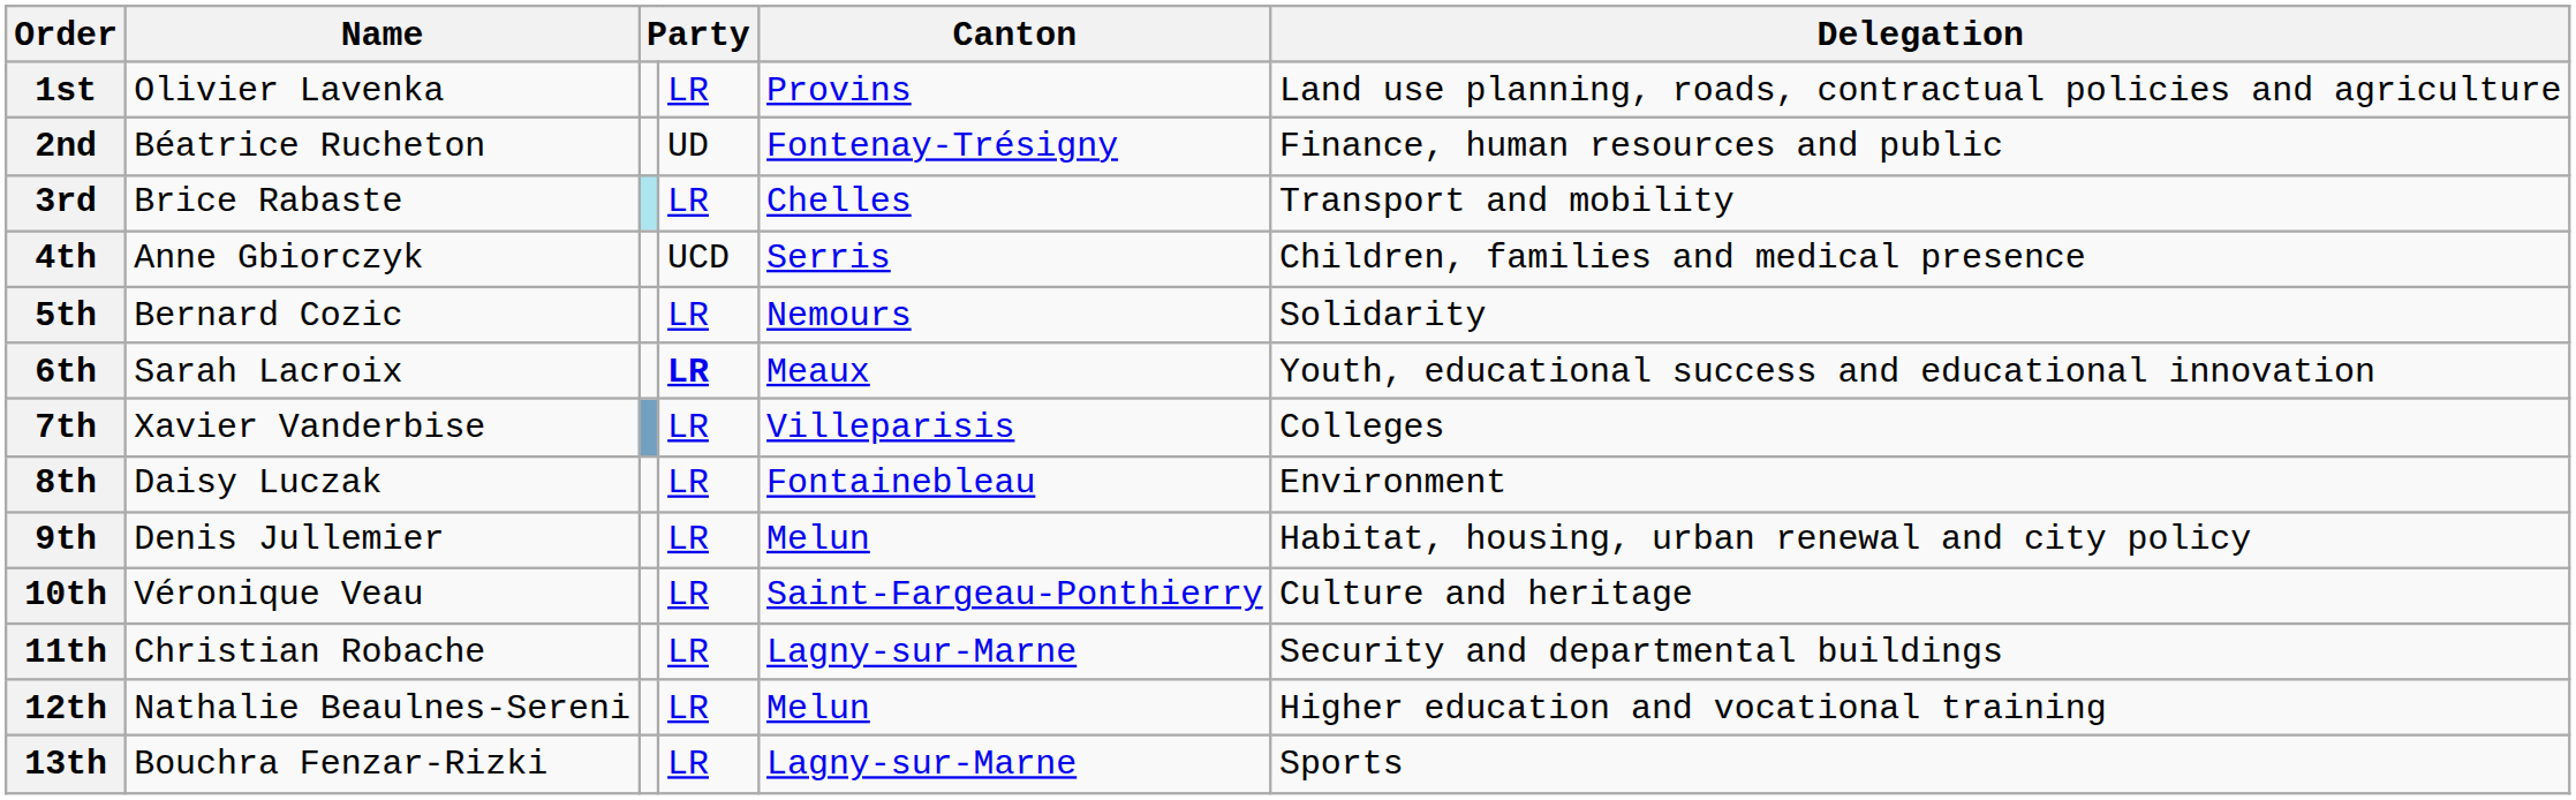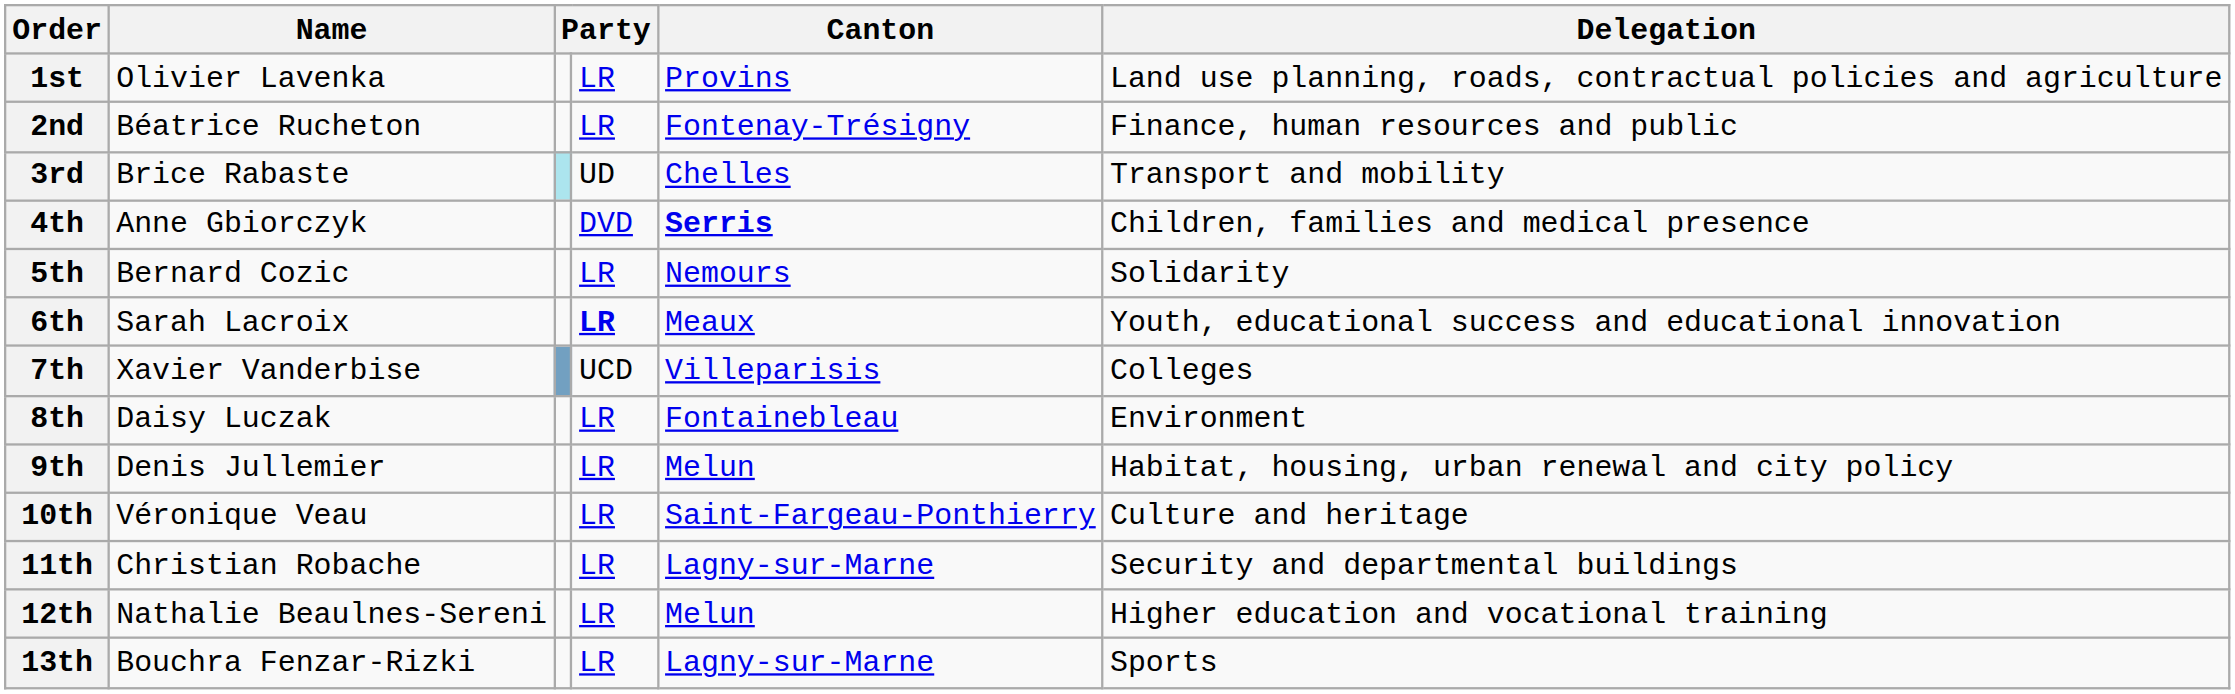 <table class="wikitable sortable">
 <tr>
 <th>Order</th>
 <th>Name</th>
 <th colspan="2">Party</th>
 <th>Canton</th>
 <th>Delegation</th>
 </tr>
 <tr>
 <th>1st</th>
 <td>Olivier Lavenka</td>
 <td style="color:inherit;background:"></td>
 <td><a href='#'>LR</a></td>
 <td><a href='#'>Provins</a></td>
 <td>Land use planning, roads, contractual policies and agriculture</td>
 </tr>
 <tr>
 <th>2nd</th>
 <td>Béatrice Rucheton</td>
 <td style="color:inherit;background:"></td>
-<td>UD</td>
+<td><a href='#'>LR</a></td>
 <td><a href='#'>Fontenay-Trésigny</a></td>
 <td>Finance, human resources and public</td>
 </tr>
 <tr>
 <th>3rd</th>
 <td>Brice Rabaste</td>
 <td style="color:inherit;background:#ACE5EE"></td>
-<td><a href='#'>LR</a></td>
+<td>UD</td>
 <td><a href='#'>Chelles</a></td>
 <td>Transport and mobility</td>
 </tr>
 <tr>
 <th>4th</th>
 <td>Anne Gbiorczyk</td>
 <td style="color:inherit;background:"></td>
-<td>UCD</td>
-<td><a href='#'>Serris</a></td>
+<td><a href='#'>DVD</a></td>
+<td><strong><a href='#'>Serris</a></strong></td>
 <td>Children, families and medical presence</td>
 </tr>
 <tr>
 <th>5th</th>
 <td>Bernard Cozic</td>
 <td style="color:inherit;background:"></td>
 <td><a href='#'>LR</a></td>
 <td><a href='#'>Nemours</a></td>
 <td>Solidarity</td>
 </tr>
 <tr>
 <th>6th</th>
 <td>Sarah Lacroix</td>
 <td style="color:inherit;background:"></td>
 <td><strong><a href='#'>LR</a></strong></td>
 <td><a href='#'>Meaux</a></td>
 <td>Youth, educational success and educational innovation</td>
 </tr>
 <tr>
 <th>7th</th>
 <td>Xavier Vanderbise</td>
 <td style="color:inherit;background:#72A0C1"></td>
-<td><a href='#'>LR</a></td>
+<td>UCD</td>
 <td><a href='#'>Villeparisis</a></td>
 <td>Colleges</td>
 </tr>
 <tr>
 <th>8th</th>
 <td>Daisy Luczak</td>
 <td style="color:inherit;background:"></td>
 <td><a href='#'>LR</a></td>
 <td><a href='#'>Fontainebleau</a></td>
 <td>Environment</td>
 </tr>
 <tr>
 <th>9th</th>
 <td>Denis Jullemier</td>
 <td style="color:inherit;background:"></td>
 <td><a href='#'>LR</a></td>
 <td><a href='#'>Melun</a></td>
 <td>Habitat, housing, urban renewal and city policy</td>
 </tr>
 <tr>
 <th>10th</th>
 <td>Véronique Veau</td>
 <td style="color:inherit;background:"></td>
 <td><a href='#'>LR</a></td>
 <td><a href='#'>Saint-Fargeau-Ponthierry</a></td>
 <td>Culture and heritage</td>
 </tr>
 <tr>
 <th>11th</th>
 <td>Christian Robache</td>
 <td style="color:inherit;background:"></td>
 <td><a href='#'>LR</a></td>
 <td><a href='#'>Lagny-sur-Marne</a></td>
 <td>Security and departmental buildings</td>
 </tr>
 <tr>
 <th>12th</th>
 <td>Nathalie Beaulnes-Sereni</td>
 <td style="color:inherit;background:"></td>
 <td><a href='#'>LR</a></td>
 <td><a href='#'>Melun</a></td>
 <td>Higher education and vocational training</td>
 </tr>
 <tr>
 <th>13th</th>
 <td>Bouchra Fenzar-Rizki</td>
 <td style="color:inherit;background:"></td>
 <td><a href='#'>LR</a></td>
 <td><a href='#'>Lagny-sur-Marne</a></td>
 <td>Sports</td>
 </tr>
 </table>
